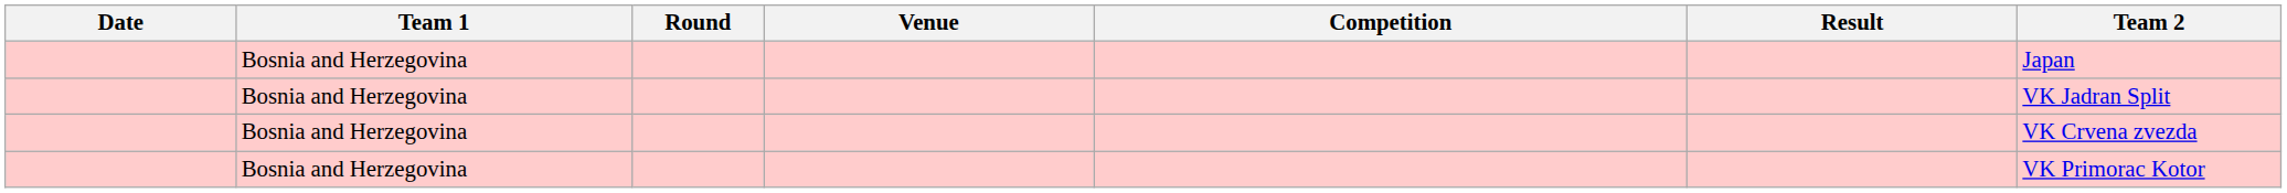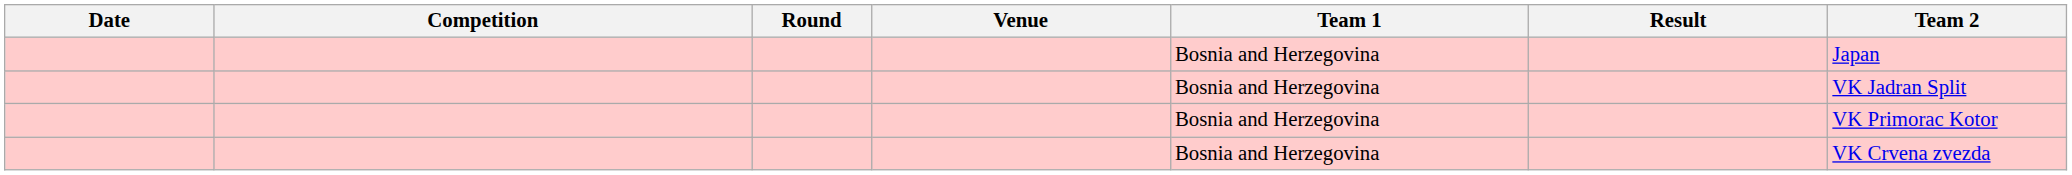 <table class="wikitable collapsible collapsed"  style="width:80%; text-align:left;">
 <tr>
 <th width=7%>Date</th>
-<th width=12%>Team 1</th>
+<th width=18%>Competition</th>
 <th width=4%>Round</th>
 <th width=10%>Venue</th>
-<th width=18%>Competition</th>
+<th width=12%>Team 1</th>
 <th width=10%>Result</th>
 <th width=8%>Team 2</th>
 </tr>
 <tr style="background:#fcc;">
 <td></td>
-<td> Bosnia and Herzegovina</td>
 <td></td>
 <td></td>
 <td></td>
+<td> Bosnia and Herzegovina</td>
 <td></td>
 <td> <a href='#'>Japan</a></td>
 </tr>
 <tr style="background:#fcc;">
 <td></td>
-<td> Bosnia and Herzegovina</td>
 <td></td>
 <td></td>
 <td></td>
+<td> Bosnia and Herzegovina</td>
 <td></td>
 <td> <a href='#'>VK Jadran Split</a></td>
 </tr>
 <tr style="background:#fcc;">
 <td></td>
+<td></td>
+<td></td>
+<td></td>
 <td> Bosnia and Herzegovina</td>
+<td></td>
+<td> <a href='#'>VK Primorac Kotor</a></td>
+</tr>
+<tr style="background:#fcc;">
 <td></td>
 <td></td>
 <td></td>
 <td></td>
+<td> Bosnia and Herzegovina</td>
+<td></td>
 <td> <a href='#'>VK Crvena zvezda</a></td>
 </tr>
-<tr style="background:#fcc;">
-<td></td>
-<td> Bosnia and Herzegovina</td>
-<td></td>
-<td></td>
-<td></td>
-<td></td>
-<td> <a href='#'>VK Primorac Kotor</a></td>
-</tr>
 </table>
